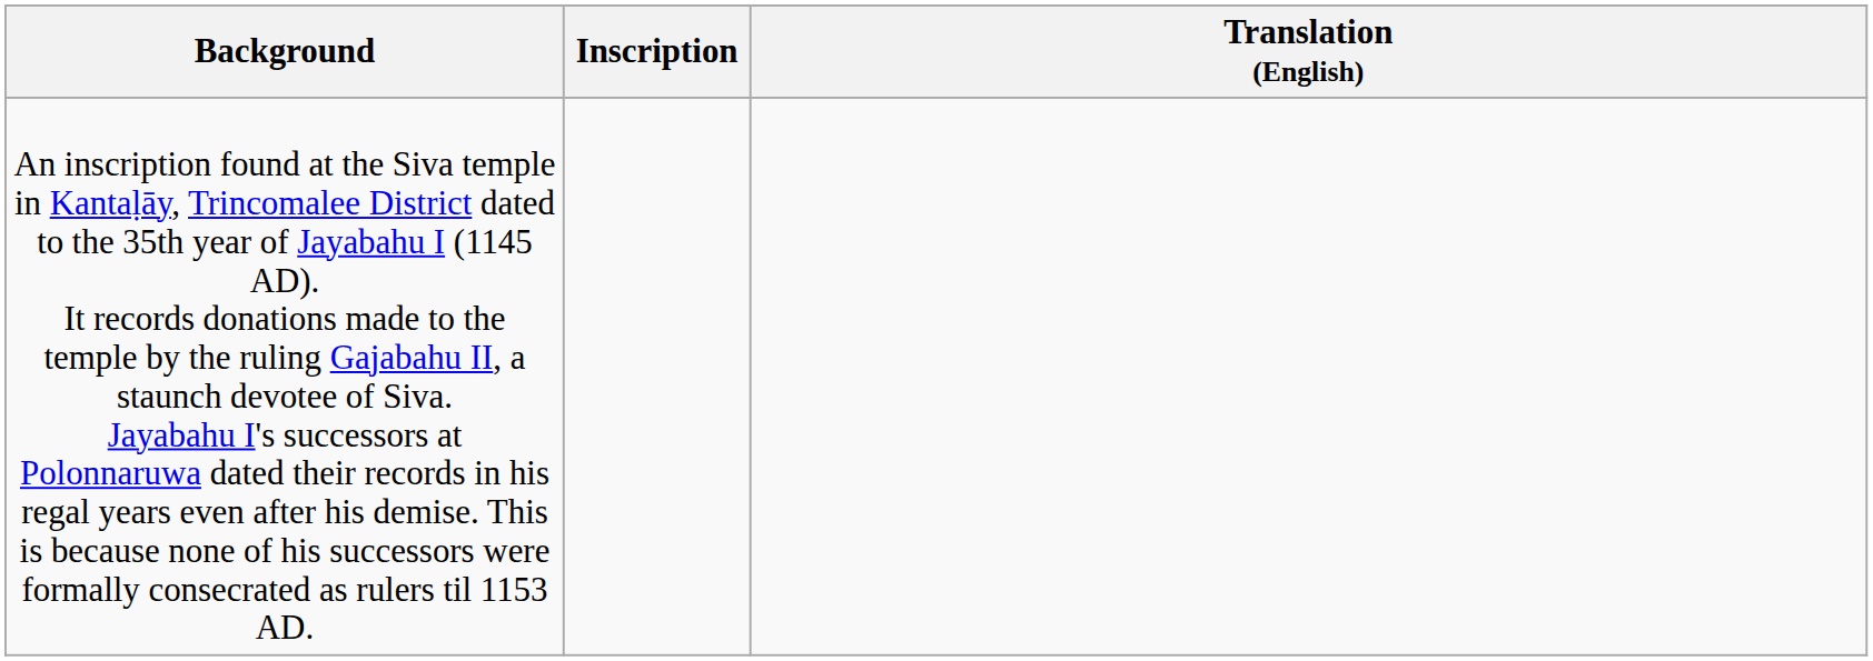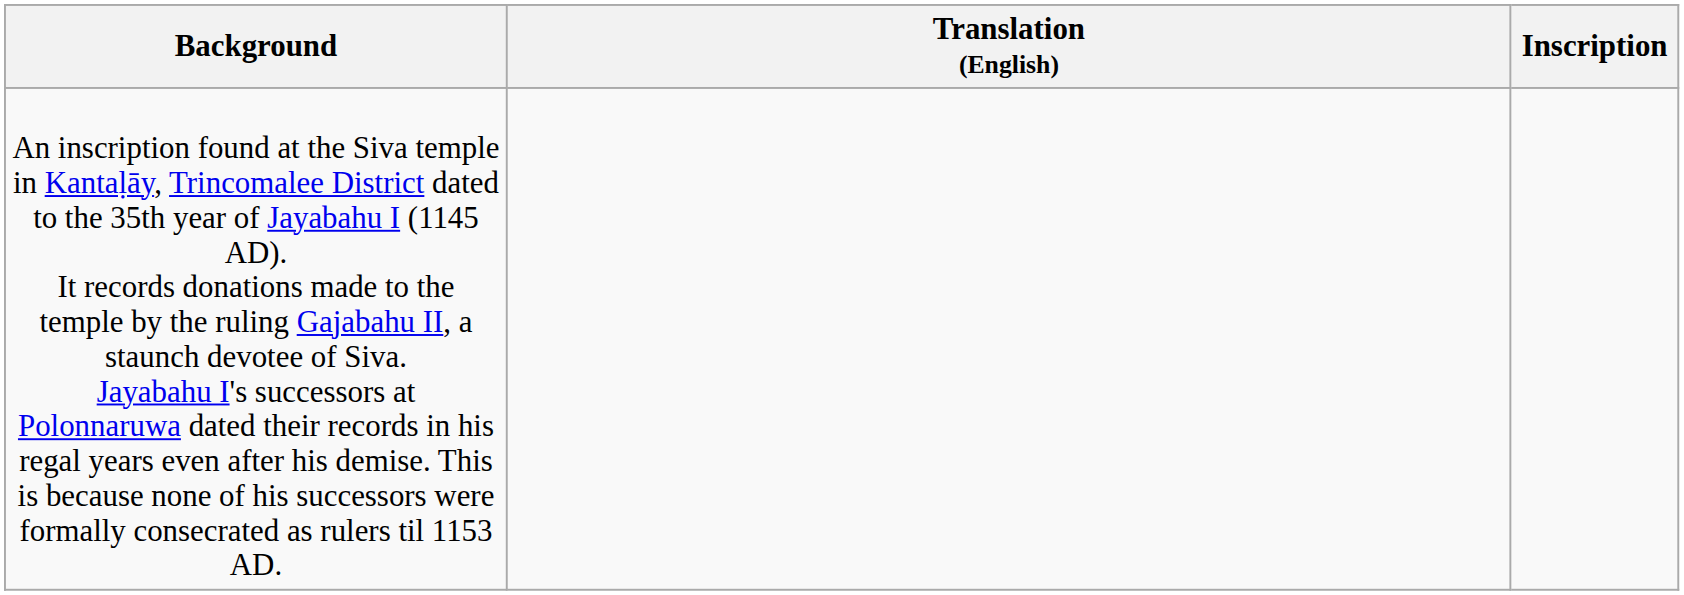 <table class="wikitable centre">
 <tr>
 <th scope="col" align=left>Background<br></th>
+<th>Translation<br><small>(English)</small></th>
 <th>Inscription<br></th>
-<th>Translation<br><small>(English)</small></th>
 </tr>
 <tr>
 <td align=center width="30%"><br>An inscription found at the Siva temple in <a href='#'>Kantaḷāy</a>, <a href='#'>Trincomalee District</a> dated to the 35th year of <a href='#'>Jayabahu I</a> (1145 AD).<br>It records donations made to the temple by the ruling <a href='#'>Gajabahu II</a>, a staunch devotee of Siva.<br><a href='#'>Jayabahu I</a>'s successors at <a href='#'>Polonnaruwa</a> dated their records in his regal years even after his demise. This is because none of his successors were formally consecrated as rulers til 1153 AD.</td>
+<td align=left><br></td>
 <td align=center width="10%"></td>
-<td align=left><br></td>
 </tr>
 </table>
